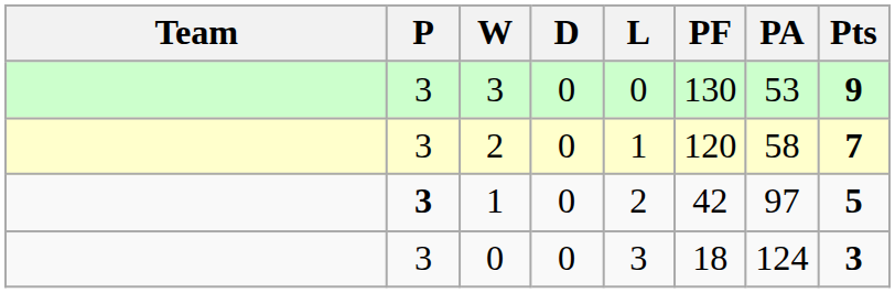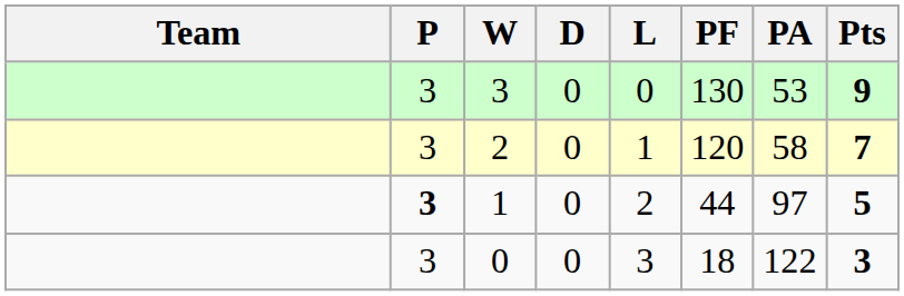 <table class="wikitable" style="text-align:center">
 <tr>
 <th width=165>Team</th>
 <th width=25>P</th>
 <th width=25>W</th>
 <th width=25>D</th>
 <th width=25>L</th>
 <th width=25>PF</th>
 <th width=25>PA</th>
 <th width=25>Pts</th>
 </tr>
 <tr style="background:#cfc">
 <td align=left></td>
 <td>3</td>
 <td>3</td>
 <td>0</td>
 <td>0</td>
 <td>130</td>
 <td>53</td>
 <td><strong>9</strong></td>
 </tr>
 <tr style="background:#ffc">
 <td align=left></td>
 <td>3</td>
 <td>2</td>
 <td>0</td>
 <td>1</td>
 <td>120</td>
 <td>58</td>
 <td><strong>7</strong></td>
 </tr>
 <tr>
 <td align=left></td>
 <td><strong>3</strong></td>
 <td>1</td>
 <td>0</td>
 <td>2</td>
-<td>42</td>
+<td>44</td>
 <td>97</td>
 <td><strong>5</strong></td>
 </tr>
 <tr>
 <td align=left></td>
 <td>3</td>
 <td>0</td>
 <td>0</td>
 <td>3</td>
 <td>18</td>
-<td>124</td>
+<td>122</td>
 <td><strong>3</strong></td>
 </tr>
 </table>
